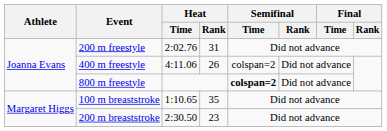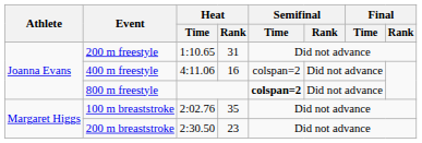 <table class="wikitable" style="text-align:center; font-size:90%">
 <tr>
 <th rowspan="2">Athlete</th>
 <th rowspan="2">Event</th>
 <th colspan="2">Heat</th>
 <th colspan="2">Semifinal</th>
 <th colspan="2">Final</th>
 </tr>
 <tr style="font-size:95%">
 <th>Time</th>
 <th>Rank</th>
 <th>Time</th>
 <th>Rank</th>
 <th>Time</th>
 <th>Rank</th>
 </tr>
 <tr>
 <td align=left rowspan=3><a href='#'>Joanna Evans</a></td>
 <td align=left><a href='#'>200 m freestyle</a></td>
-<td>2:02.76</td>
+<td>1:10.65</td>
 <td>31</td>
 <td colspan=4>Did not advance</td>
 </tr>
 <tr>
 <td align=left><a href='#'>400 m freestyle</a></td>
 <td>4:11.06</td>
-<td>26</td>
+<td>16</td>
 <td>colspan=2</td>
 <td colspan=2>Did not advance</td>
 </tr>
 <tr>
 <td align=left><a href='#'>800 m freestyle</a></td>
 <td colspan=2></td>
 <td><strong>colspan=2</strong></td>
 <td colspan=2>Did not advance</td>
 </tr>
 <tr>
 <td align=left rowspan=2><a href='#'>Margaret Higgs</a></td>
 <td align=left><a href='#'>100 m breaststroke</a></td>
-<td>1:10.65</td>
+<td>2:02.76</td>
 <td>35</td>
 <td colspan=4>Did not advance</td>
 </tr>
 <tr>
 <td align=left><a href='#'>200 m breaststroke</a></td>
 <td>2:30.50</td>
 <td>23</td>
 <td colspan=4>Did not advance</td>
 </tr>
 </table>
